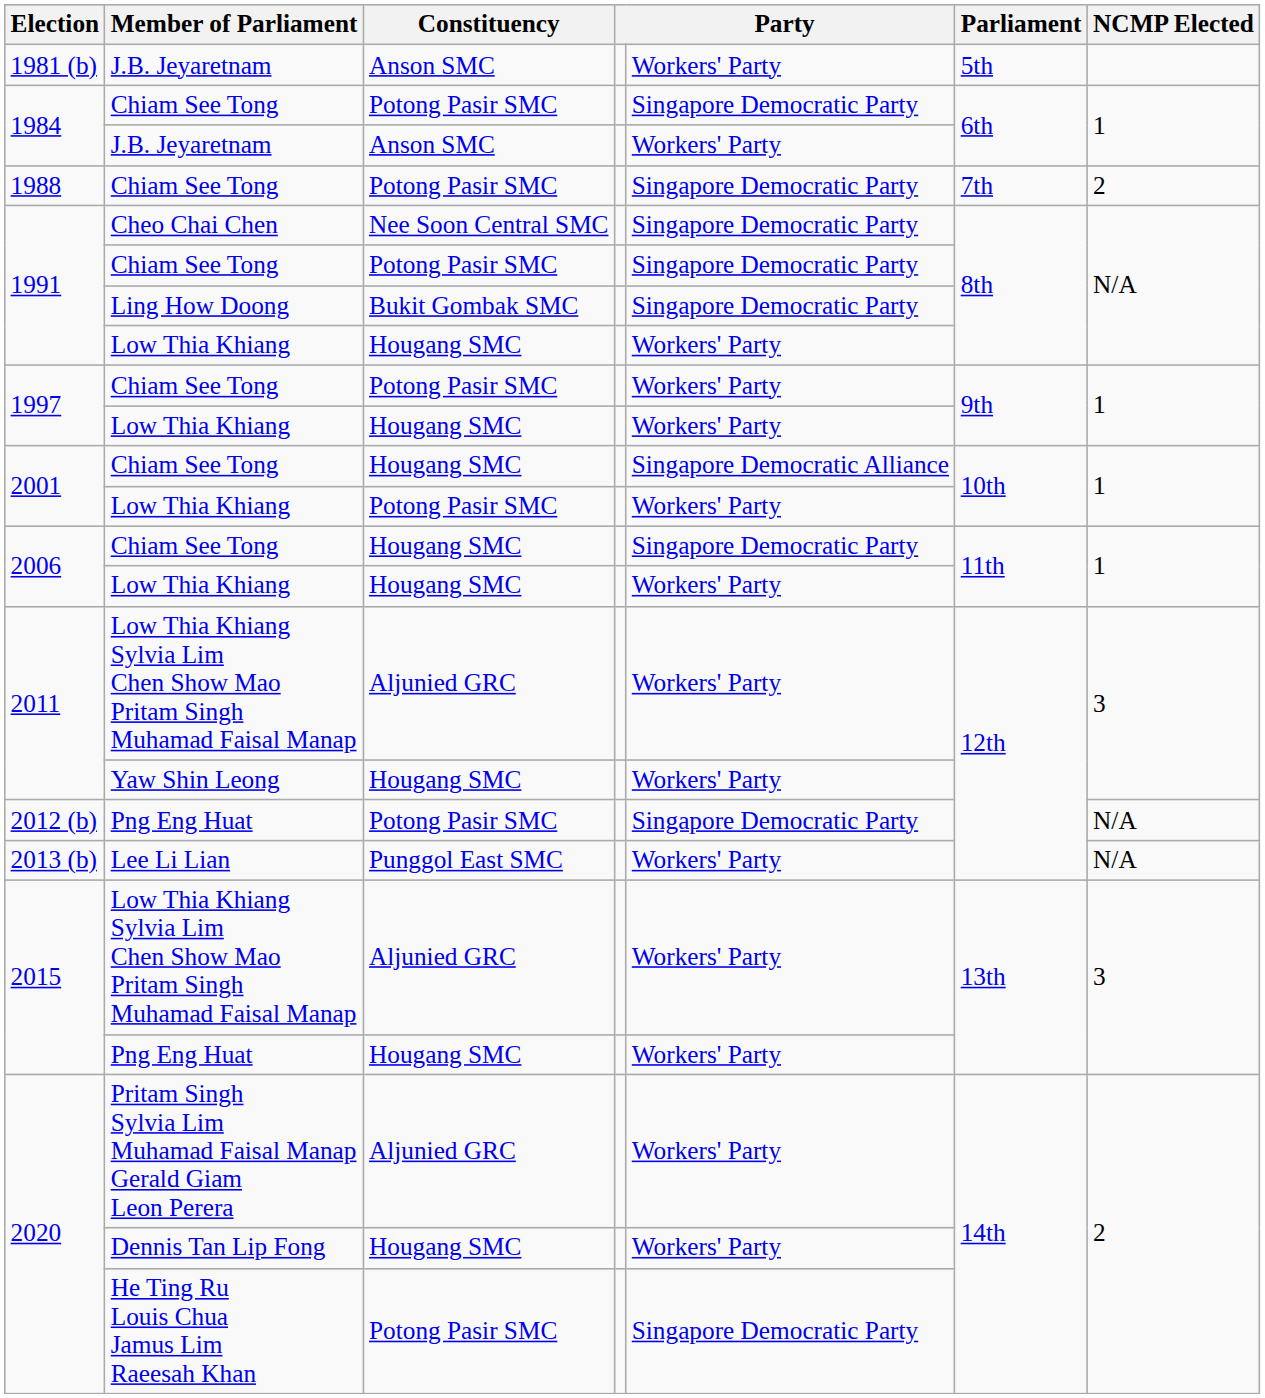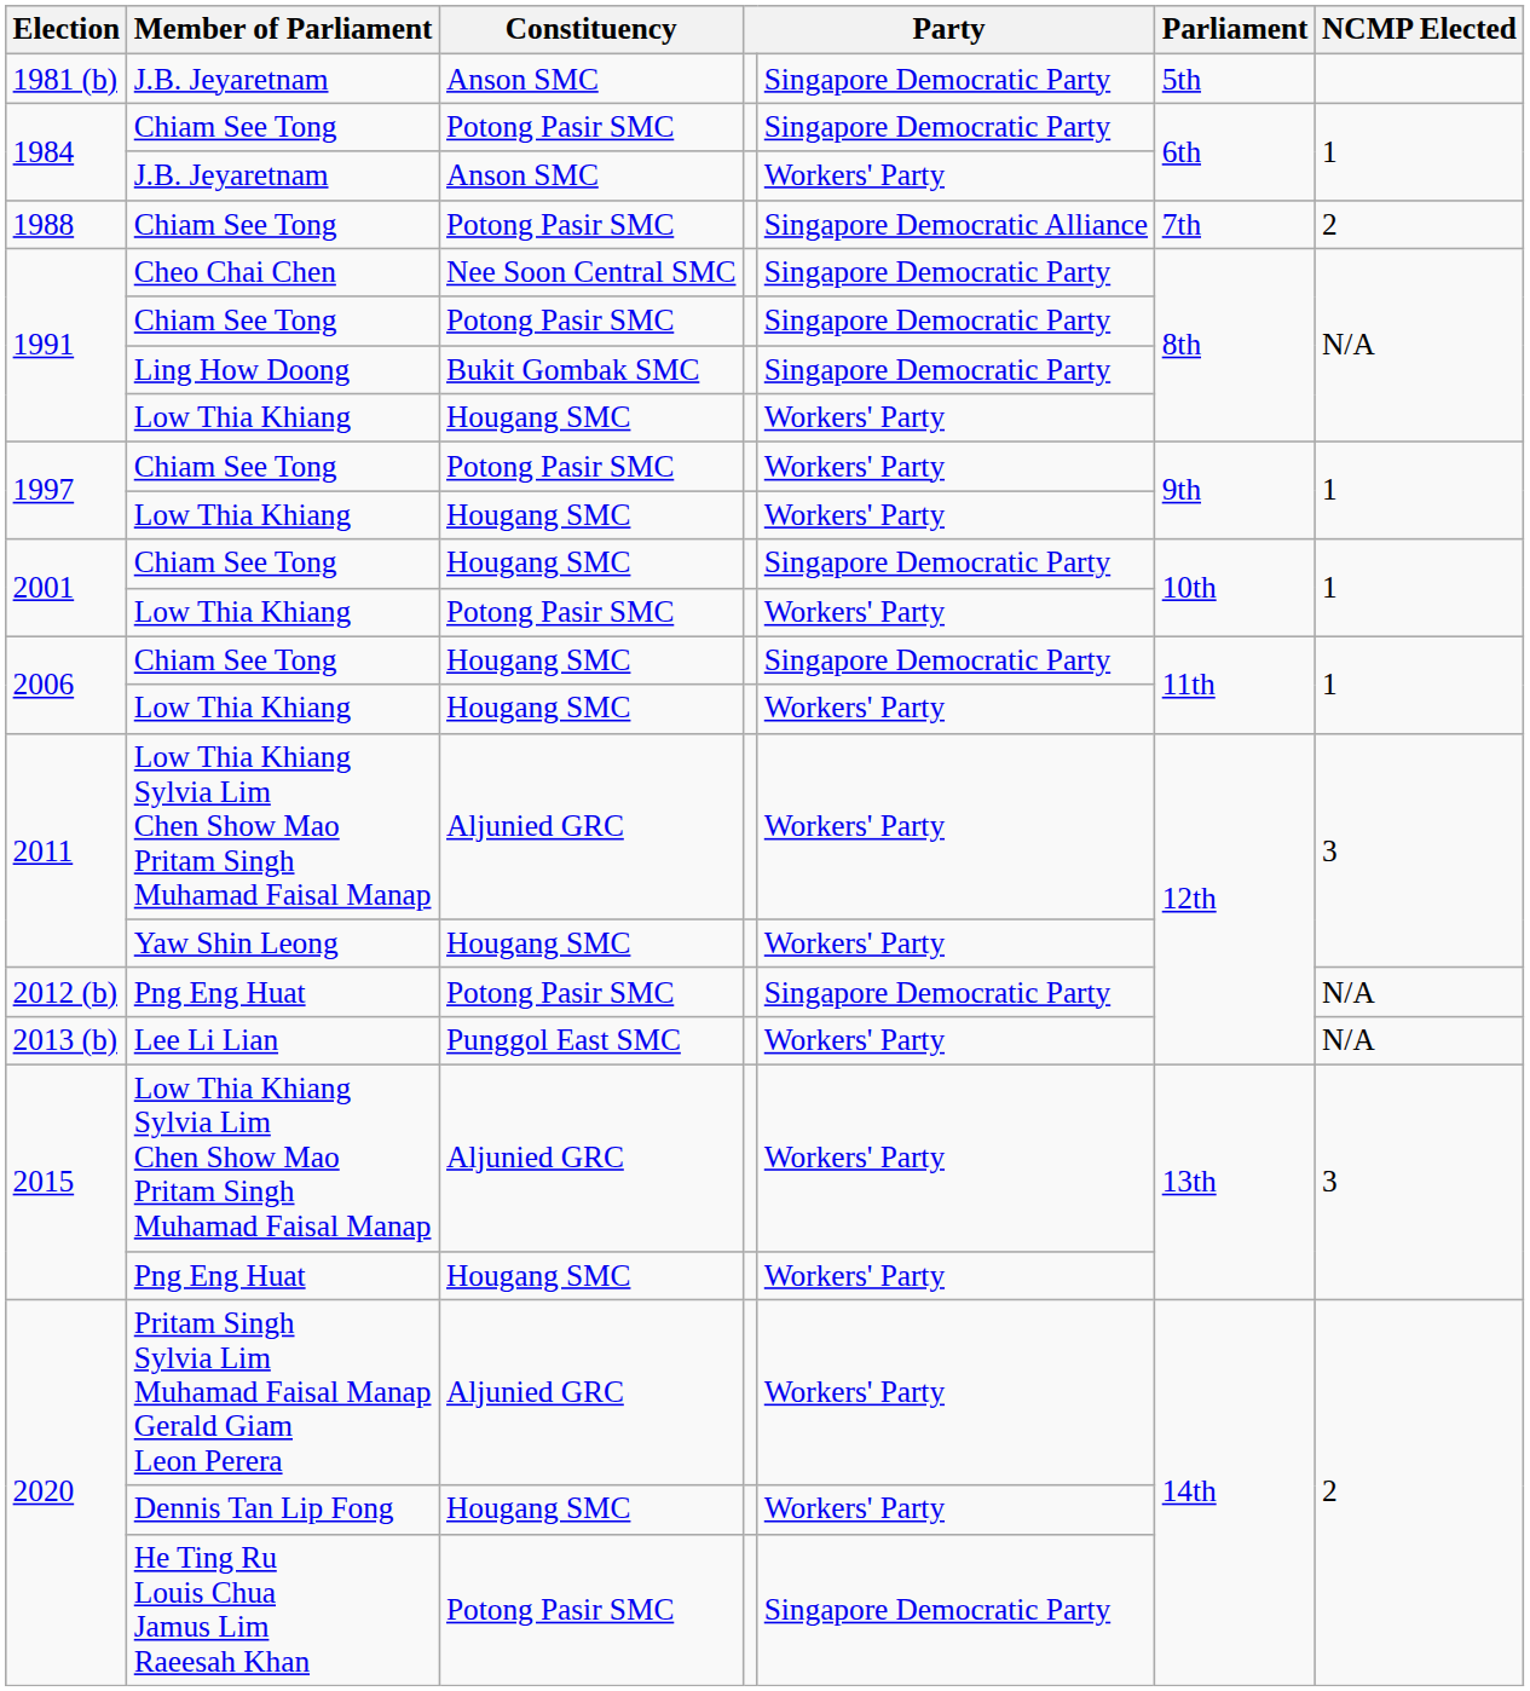 <table class="wikitable">
 <tr>
 <th>Election</th>
 <th>Member of Parliament</th>
 <th>Constituency</th>
 <th colspan=2>Party</th>
 <th>Parliament</th>
 <th>NCMP Elected</th>
 </tr>
 <tr>
 <td><a href='#'>1981 (b)</a></td>
 <td><a href='#'>J.B. Jeyaretnam</a></td>
 <td><a href='#'>Anson SMC</a></td>
 <td></td>
-<td><a href='#'>Workers' Party</a></td>
+<td><a href='#'>Singapore Democratic Party</a></td>
 <td><a href='#'>5th</a></td>
 <td></td>
 </tr>
 <tr>
 <td rowspan=2><a href='#'>1984</a></td>
 <td><a href='#'>Chiam See Tong</a></td>
 <td><a href='#'>Potong Pasir SMC</a></td>
 <td></td>
 <td><a href='#'>Singapore Democratic Party</a></td>
 <td rowspan=2><a href='#'>6th</a></td>
 <td rowspan="2">1</td>
 </tr>
 <tr>
 <td><a href='#'>J.B. Jeyaretnam</a></td>
 <td><a href='#'>Anson SMC</a></td>
 <td></td>
 <td><a href='#'>Workers' Party</a></td>
 </tr>
 <tr>
 <td><a href='#'>1988</a></td>
 <td><a href='#'>Chiam See Tong</a></td>
 <td><a href='#'>Potong Pasir SMC</a></td>
 <td></td>
-<td><a href='#'>Singapore Democratic Party</a></td>
+<td><a href='#'>Singapore Democratic Alliance</a></td>
 <td><a href='#'>7th</a></td>
 <td>2</td>
 </tr>
 <tr>
 <td rowspan=4><a href='#'>1991</a></td>
 <td><a href='#'>Cheo Chai Chen</a></td>
 <td><a href='#'>Nee Soon Central SMC</a></td>
 <td></td>
 <td><a href='#'>Singapore Democratic Party</a></td>
 <td rowspan=4><a href='#'>8th</a></td>
 <td rowspan="4">N/A</td>
 </tr>
 <tr>
 <td><a href='#'>Chiam See Tong</a></td>
 <td><a href='#'>Potong Pasir SMC</a></td>
 <td></td>
 <td><a href='#'>Singapore Democratic Party</a></td>
 </tr>
 <tr>
 <td><a href='#'>Ling How Doong</a></td>
 <td><a href='#'>Bukit Gombak SMC</a></td>
 <td></td>
 <td><a href='#'>Singapore Democratic Party</a></td>
 </tr>
 <tr>
 <td><a href='#'>Low Thia Khiang</a></td>
 <td><a href='#'>Hougang SMC</a></td>
 <td></td>
 <td><a href='#'>Workers' Party</a></td>
 </tr>
 <tr>
 <td rowspan=2><a href='#'>1997</a></td>
 <td><a href='#'>Chiam See Tong</a></td>
 <td><a href='#'>Potong Pasir SMC</a></td>
 <td></td>
 <td><a href='#'>Workers' Party</a></td>
 <td rowspan=2><a href='#'>9th</a></td>
 <td rowspan="2">1</td>
 </tr>
 <tr>
 <td><a href='#'>Low Thia Khiang</a></td>
 <td><a href='#'>Hougang SMC</a></td>
 <td></td>
 <td><a href='#'>Workers' Party</a></td>
 </tr>
 <tr>
 <td rowspan=2><a href='#'>2001</a></td>
 <td><a href='#'>Chiam See Tong</a></td>
 <td><a href='#'>Hougang SMC</a></td>
 <td></td>
-<td><a href='#'>Singapore Democratic Alliance</a></td>
+<td><a href='#'>Singapore Democratic Party</a></td>
 <td rowspan=2><a href='#'>10th</a></td>
 <td rowspan="2">1</td>
 </tr>
 <tr>
 <td><a href='#'>Low Thia Khiang</a></td>
 <td><a href='#'>Potong Pasir SMC</a></td>
 <td></td>
 <td><a href='#'>Workers' Party</a></td>
 </tr>
 <tr>
 <td rowspan=2><a href='#'>2006</a></td>
 <td><a href='#'>Chiam See Tong</a></td>
 <td><a href='#'>Hougang SMC</a></td>
 <td></td>
 <td><a href='#'>Singapore Democratic Party</a></td>
 <td rowspan=2><a href='#'>11th</a></td>
 <td rowspan="2">1</td>
 </tr>
 <tr>
 <td><a href='#'>Low Thia Khiang</a></td>
 <td><a href='#'>Hougang SMC</a></td>
 <td></td>
 <td><a href='#'>Workers' Party</a></td>
 </tr>
 <tr>
 <td rowspan=2><a href='#'>2011</a></td>
 <td><a href='#'>Low Thia Khiang</a><br><a href='#'>Sylvia Lim</a><br><a href='#'>Chen Show Mao</a><br><a href='#'>Pritam Singh</a><br><a href='#'>Muhamad Faisal Manap</a></td>
 <td><a href='#'>Aljunied GRC</a></td>
 <td></td>
 <td><a href='#'>Workers' Party</a></td>
 <td rowspan=4><a href='#'>12th</a></td>
 <td rowspan="2">3</td>
 </tr>
 <tr>
 <td><a href='#'>Yaw Shin Leong</a></td>
 <td><a href='#'>Hougang SMC</a></td>
 <td></td>
 <td><a href='#'>Workers' Party</a></td>
 </tr>
 <tr>
 <td><a href='#'>2012 (b)</a></td>
 <td><a href='#'>Png Eng Huat</a></td>
 <td><a href='#'>Potong Pasir SMC</a></td>
 <td></td>
 <td><a href='#'>Singapore Democratic Party</a></td>
 <td>N/A</td>
 </tr>
 <tr>
 <td><a href='#'>2013 (b)</a></td>
 <td><a href='#'>Lee Li Lian</a></td>
 <td><a href='#'>Punggol East SMC</a></td>
 <td></td>
 <td><a href='#'>Workers' Party</a></td>
 <td>N/A</td>
 </tr>
 <tr>
 <td rowspan=2><a href='#'>2015</a></td>
 <td><a href='#'>Low Thia Khiang</a><br><a href='#'>Sylvia Lim</a><br><a href='#'>Chen Show Mao</a><br><a href='#'>Pritam Singh</a><br><a href='#'>Muhamad Faisal Manap</a></td>
 <td><a href='#'>Aljunied GRC</a></td>
 <td></td>
 <td><a href='#'>Workers' Party</a></td>
 <td rowspan=2><a href='#'>13th</a></td>
 <td rowspan="2">3</td>
 </tr>
 <tr>
 <td><a href='#'>Png Eng Huat</a></td>
 <td><a href='#'>Hougang SMC</a></td>
 <td></td>
 <td><a href='#'>Workers' Party</a></td>
 </tr>
 <tr>
 <td rowspan=3><a href='#'>2020</a></td>
 <td><a href='#'>Pritam Singh</a><br><a href='#'>Sylvia Lim</a><br><a href='#'>Muhamad Faisal Manap</a><br><a href='#'>Gerald Giam</a><br><a href='#'>Leon Perera</a></td>
 <td><a href='#'>Aljunied GRC</a></td>
 <td></td>
 <td><a href='#'>Workers' Party</a></td>
 <td rowspan=3><a href='#'>14th</a></td>
 <td rowspan="3">2</td>
 </tr>
 <tr>
 <td><a href='#'>Dennis Tan Lip Fong</a></td>
 <td><a href='#'>Hougang SMC</a></td>
 <td></td>
 <td><a href='#'>Workers' Party</a></td>
 </tr>
 <tr>
 <td><a href='#'>He Ting Ru</a><br><a href='#'>Louis Chua</a><br><a href='#'>Jamus Lim</a><br><a href='#'>Raeesah Khan</a></td>
 <td><a href='#'>Potong Pasir SMC</a></td>
 <td></td>
 <td><a href='#'>Singapore Democratic Party</a></td>
 </tr>
 </table>
